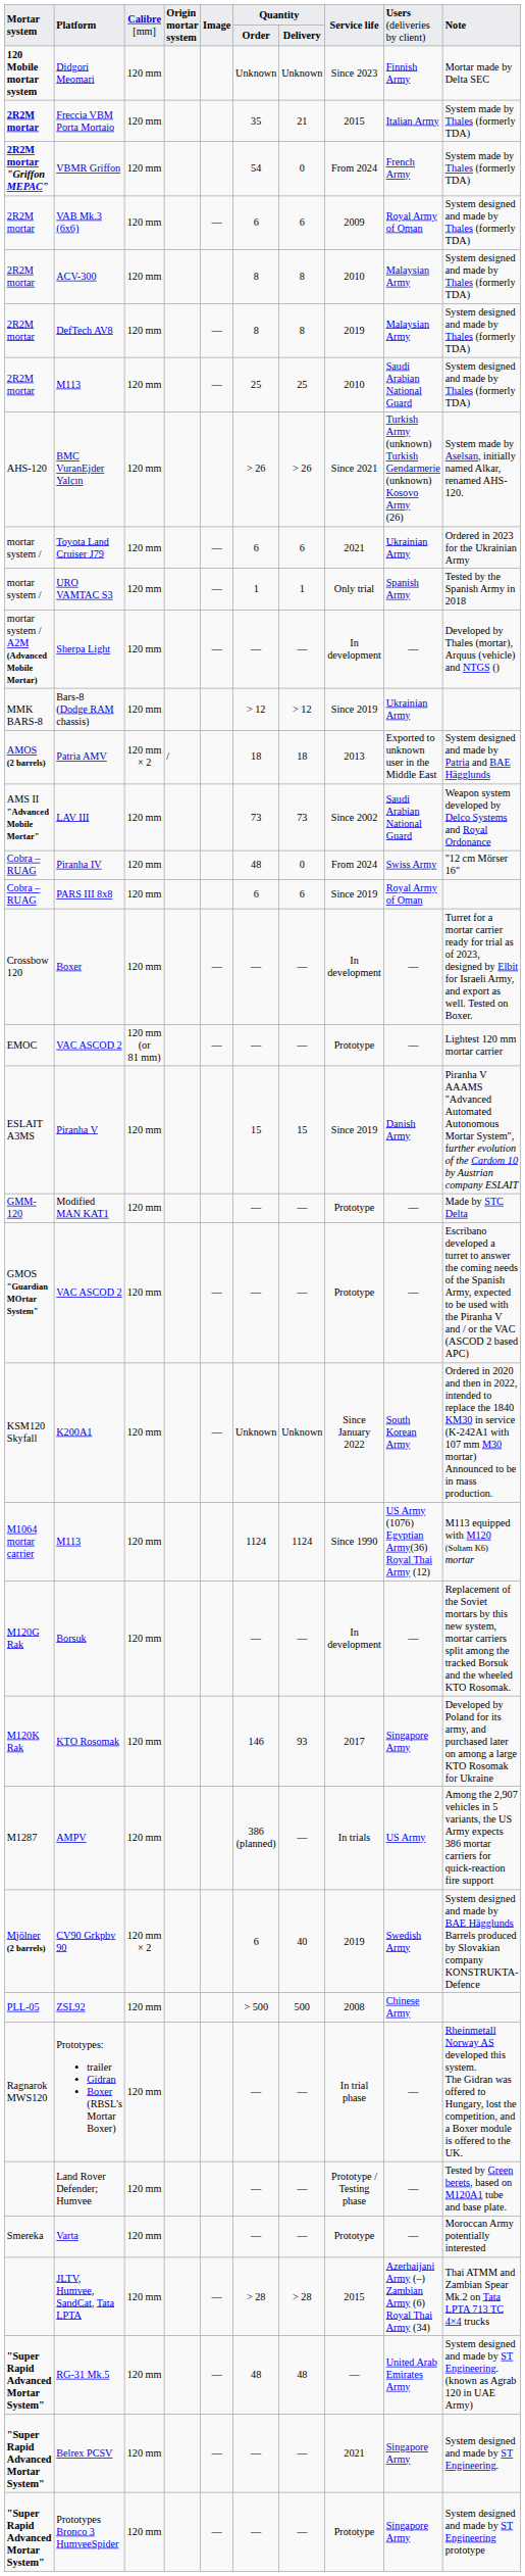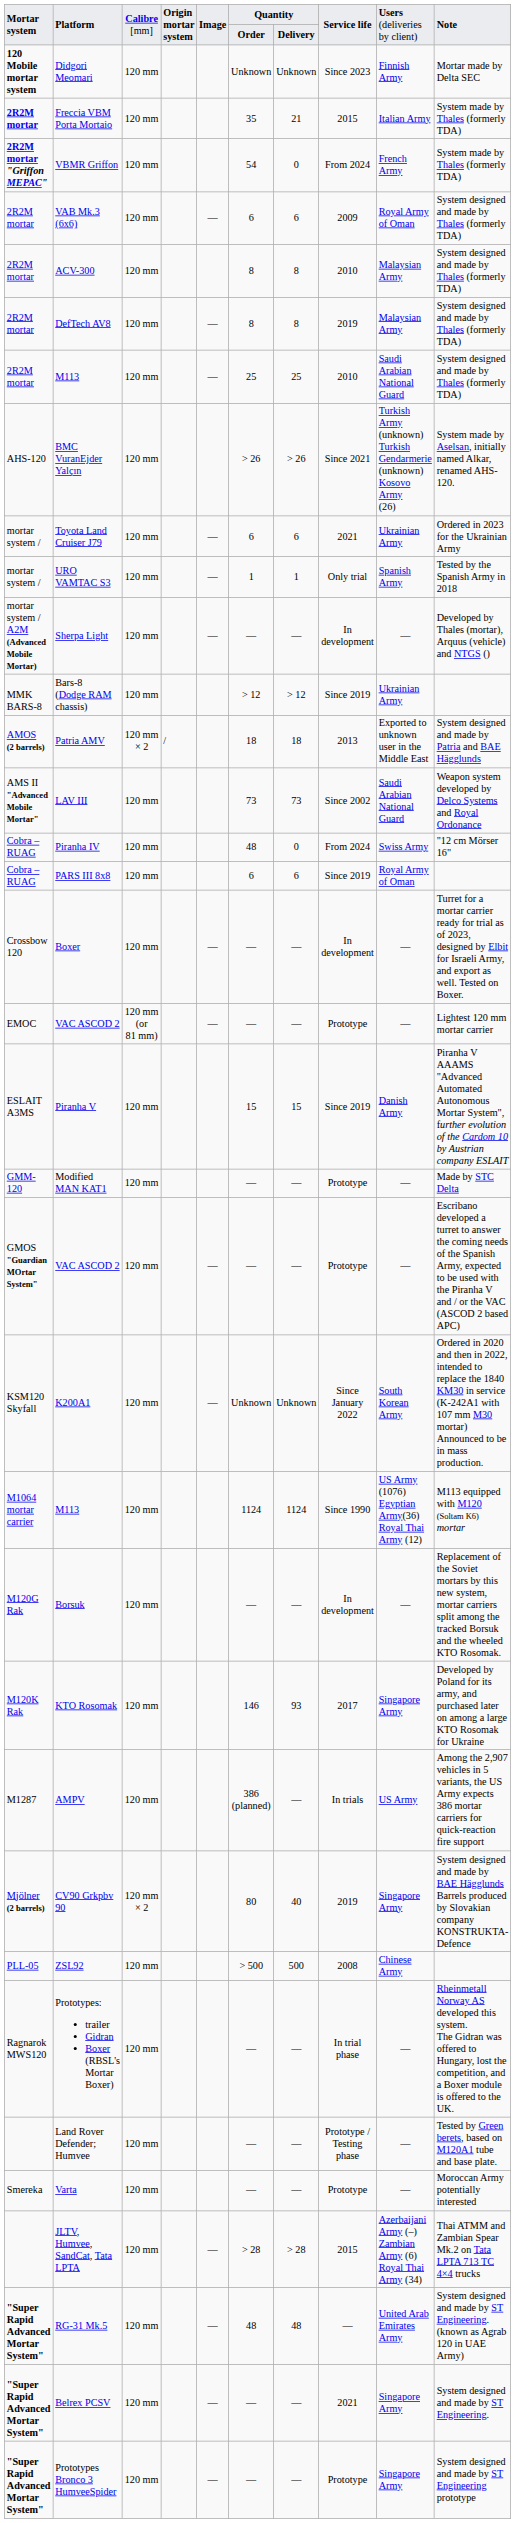 <table class="wikitable sortable" style="font-size:85%;">
 <tr>
 <td rowspan="2" style="width:4em; background:#EAECF0"><strong>Mortar system</strong></td>
 <td rowspan="2" style="width:4em; background:#EAECF0"><strong>Platform</strong></td>
 <td rowspan="2" style="text-align: center;width:4em; background:#EAECF0"><strong><a href='#'>Calibre</a></strong><br>[mm]</td>
 <td rowspan="2" style="width:5em;background:#EAECF0"><strong>Origin mortar system</strong></td>
 <td rowspan="2" style="text-align: center; width:12em;background:#EAECF0"><strong>Image</strong></td>
 <td colspan="2" style="width:6em;text-align: center; background:#EAECF0"><strong>Quantity</strong></td>
 <td rowspan="2" style="text-align: center;width:3em;background:#EAECF0"><strong>Service life</strong></td>
 <td rowspan="2" style="width:8em;background:#EAECF0"><strong>Users </strong>(deliveries by client)</td>
 <td rowspan="2" style="width:12em;background:#EAECF0"><strong>Note</strong></td>
 </tr>
 <tr>
 <td style="text-align: center; width:3em; background:#EAECF0"><strong>Order</strong></td>
 <td style="text-align: center; width:3em; background:#EAECF0"><strong>Delivery</strong></td>
 </tr>
 <tr>
 <td><strong>120 Mobile mortar system</strong></td>
 <td><a href='#'>Didgori Meomari</a></td>
 <td style="text-align: center;">120 mm</td>
 <td></td>
 <td style="text-align: center;"><br></td>
 <td style="text-align: center;">Unknown</td>
 <td style="text-align: center;">Unknown</td>
 <td style="text-align: center;">Since 2023</td>
 <td> <a href='#'>Finnish Army</a></td>
 <td>Mortar made by Delta SEC</td>
 </tr>
 <tr>
 <td><strong><a href='#'>2R2M mortar</a></strong></td>
 <td><a href='#'>Freccia VBM Porta Mortaio</a></td>
 <td style="text-align: center">120 mm</td>
 <td></td>
 <td style="text-align: center;"></td>
 <td style="text-align: center;">35</td>
 <td style="text-align: center;">21</td>
 <td style="text-align: center;">2015</td>
 <td> <a href='#'>Italian Army</a></td>
 <td>System made by <a href='#'>Thales</a> (formerly TDA)</td>
 </tr>
 <tr>
 <td><strong><a href='#'>2R2M mortar</a> <br><strong><em>"Griffon <a href='#'>MEPAC</a>"<em></td>
 <td><a href='#'>VBMR Griffon</a></td>
 <td style="text-align: center">120 mm</td>
 <td></td>
 <td style="text-align: center;"></td>
 <td style="text-align: center;">54</td>
 <td style="text-align: center;">0</td>
 <td style="text-align: center;">From 2024</td>
 <td> <a href='#'>French Army</a></td>
 <td>System made by <a href='#'>Thales</a> (formerly TDA)</td>
 </tr>
 <tr>
 <td></strong><a href='#'>2R2M mortar</a><strong></td>
 <td><a href='#'>VAB Mk.3 (6x6)</a></td>
 <td style="text-align: center">120 mm</td>
 <td></td>
 <td style="text-align: center;">―</td>
 <td style="text-align: center;">6</td>
 <td style="text-align: center;">6</td>
 <td style="text-align: center;">2009</td>
 <td> <a href='#'>Royal Army of Oman</a></td>
 <td>System designed and made by <a href='#'>Thales</a> (formerly TDA)</td>
 </tr>
 <tr>
 <td></strong><a href='#'>2R2M mortar</a><strong></td>
 <td><a href='#'>ACV-300</a></td>
 <td style="text-align: center">120 mm</td>
 <td></td>
 <td style="text-align: center;"></td>
 <td style="text-align: center;">8</td>
 <td style="text-align: center;">8</td>
 <td style="text-align: center;">2010</td>
 <td> <a href='#'>Malaysian Army</a></td>
 <td>System designed and made by <a href='#'>Thales</a> (formerly TDA)</td>
 </tr>
 <tr>
 <td></strong><a href='#'>2R2M mortar</a><strong></td>
 <td><a href='#'>DefTech AV8</a></td>
 <td style="text-align: center">120 mm</td>
 <td></td>
 <td style="text-align: center;">―</td>
 <td style="text-align: center;">8</td>
 <td style="text-align: center;">8</td>
 <td style="text-align: center;">2019</td>
 <td> <a href='#'>Malaysian Army</a></td>
 <td>System designed and made by <a href='#'>Thales</a> (formerly TDA)</td>
 </tr>
 <tr>
 <td></strong><a href='#'>2R2M mortar</a><strong></td>
 <td><a href='#'>M113</a></td>
 <td style="text-align: center">120 mm</td>
 <td></td>
 <td style="text-align: center;">―</td>
 <td style="text-align: center;">25</td>
 <td style="text-align: center;">25</td>
 <td style="text-align: center;">2010</td>
 <td> <a href='#'>Saudi Arabian National Guard</a></td>
 <td>System designed and made by <a href='#'>Thales</a> (formerly TDA)</td>
 </tr>
 <tr>
 <td></strong>AHS-120<strong></td>
 <td><a href='#'>BMC Vuran</a><a href='#'>Ejder Yalçın</a></td>
 <td style="text-align: center">120 mm</td>
 <td></td>
 <td style="text-align: center;"></td>
 <td style="text-align: center;">> 26</td>
 <td style="text-align: center;">> 26</td>
 <td style="text-align: center;">Since 2021</td>
 <td> <a href='#'>Turkish Army</a> <br>(unknown)<br> <a href='#'>Turkish Gendarmerie</a><br>(unknown)<br><a href='#'>Kosovo Army</a><br>(26)</td>
 <td>System made by <a href='#'>Aselsan</a>, initially named Alkar, renamed AHS-120.</td>
 </tr>
 <tr>
 <td> mortar system /</td>
 <td><a href='#'>Toyota Land Cruiser J79</a></td>
 <td style="text-align: center;">120 mm</td>
 <td></td>
 <td style="text-align: center;">―</td>
 <td style="text-align: center;">6</td>
 <td style="text-align: center;">6</td>
 <td style="text-align: center;">2021</td>
 <td> <a href='#'>Ukrainian Army</a></td>
 <td>Ordered in 2023 for the Ukrainian Army</td>
 </tr>
 <tr>
 <td> mortar system /</td>
 <td><a href='#'>URO VAMTAC S3</a></td>
 <td style="text-align: center;">120 mm</td>
 <td></td>
 <td style="text-align: center;">―</td>
 <td style="text-align: center;">1</td>
 <td style="text-align: center;">1</td>
 <td style="text-align: center;">Only trial</td>
 <td> <a href='#'>Spanish Army</a></td>
 <td>Tested by the Spanish Army in 2018</td>
 </tr>
 <tr>
 <td> mortar system /<br></strong><a href='#'>A2M</a><strong><small><br></em>(Advanced Mobile Mortar)<em></small></td>
 <td><a href='#'>Sherpa Light</a></td>
 <td>120 mm</td>
 <td> <small><br></small></td>
 <td style="text-align: center">―</td>
 <td style="text-align: center">―</td>
 <td style="text-align: center">―</td>
 <td style="text-align: center">In development</td>
 <td style="text-align: center">―</td>
 <td>Developed by Thales (mortar), Arquus (vehicle) and <a href='#'>NTGS</a> ()</td>
 </tr>
 <tr>
 <td><br></strong>MMK BARS-8<strong></td>
 <td>Bars-8<br>(<a href='#'>Dodge RAM</a> chassis)</td>
 <td style="text-align: center;">120 mm</td>
 <td></td>
 <td style="text-align: center;"><br></td>
 <td style="text-align: center;">> 12</td>
 <td style="text-align: center;">> 12</td>
 <td style="text-align: center;">Since 2019</td>
 <td> <a href='#'>Ukrainian Army</a></td>
 <td></td>
 </tr>
 <tr>
 <td></strong><a href='#'>AMOS</a><strong><small><br></em>(2 barrels)<em></small></td>
 <td><a href='#'>Patria AMV</a></td>
 <td style="text-align: center">120 mm <br>× 2</td>
 <td>/<br></td>
 <td style="text-align: center;"></td>
 <td style="text-align: center;">18</td>
 <td style="text-align: center;">18</td>
 <td style="text-align: center;">2013</td>
 <td>Exported to unknown user in the Middle East</td>
 <td>System designed and made by <a href='#'>Patria</a> and <a href='#'>BAE Hägglunds</a></td>
 </tr>
 <tr>
 <td></strong>AMS II<small><br></small><strong><small></em>"Advanced Mobile Mortar"<em></small></td>
 <td><a href='#'>LAV III</a></td>
 <td style="text-align: center;">120 mm</td>
 <td></td>
 <td style="text-align: center;"></td>
 <td style="text-align: center;">73</td>
 <td style="text-align: center;">73</td>
 <td style="text-align: center;">Since 2002</td>
 <td> <a href='#'>Saudi Arabian National Guard</a></td>
 <td>Weapon system developed by <a href='#'>Delco Systems</a> and <a href='#'>Royal Ordonance</a></td>
 </tr>
 <tr>
 <td></strong><a href='#'>Cobra – RUAG</a><strong></td>
 <td><a href='#'>Piranha IV</a></td>
 <td style="text-align: center">120 mm</td>
 <td></td>
 <td style="text-align: center;"></td>
 <td style="text-align: center;">48</td>
 <td style="text-align: center;">0</td>
 <td style="text-align: center;">From 2024</td>
 <td> <a href='#'>Swiss Army</a></td>
 <td></em>"12 cm Mörser 16"<em></td>
 </tr>
 <tr>
 <td></strong><a href='#'>Cobra – RUAG</a><strong></td>
 <td><a href='#'>PARS III 8x8</a></td>
 <td style="text-align: center">120 mm</td>
 <td></td>
 <td style="text-align: center;"></td>
 <td style="text-align: center;">6</td>
 <td style="text-align: center;">6</td>
 <td style="text-align: center;">Since 2019</td>
 <td> <a href='#'>Royal Army of Oman</a></td>
 <td></td>
 </tr>
 <tr>
 <td></strong>Crossbow 120<strong></td>
 <td><a href='#'>Boxer</a></td>
 <td style="text-align: center">120 mm</td>
 <td></td>
 <td style="text-align: center">―</td>
 <td style="text-align: center">―</td>
 <td style="text-align: center">―</td>
 <td style="text-align: center">In development</td>
 <td style="text-align: center">―</td>
 <td>Turret for a mortar carrier ready for trial as of 2023, designed by <a href='#'>Elbit</a> for Israeli Army, and export as well. Tested on Boxer.</td>
 </tr>
 <tr>
 <td></strong>EMOC<strong></td>
 <td><a href='#'>VAC ASCOD 2</a></td>
 <td style="text-align: center">120 mm (or 81 mm)</td>
 <td></td>
 <td style="text-align: center">―</td>
 <td style="text-align: center">―</td>
 <td style="text-align: center">―</td>
 <td style="text-align: center">Prototype</td>
 <td style="text-align: center">―</td>
 <td>Lightest 120 mm mortar carrier</td>
 </tr>
 <tr>
 <td></strong>ESLAIT A3MS<strong></td>
 <td><a href='#'>Piranha V</a></td>
 <td style="text-align: center">120 mm</td>
 <td></td>
 <td style="text-align: center;"></td>
 <td style="text-align: center;">15</td>
 <td style="text-align: center;">15</td>
 <td style="text-align: center;">Since 2019</td>
 <td> <a href='#'>Danish Army</a></td>
 <td>Piranha V AAAMS </em>"Advanced Automated Autonomous Mortar System", f<em>urther evolution of the <a href='#'>Cardom 10</a> by Austrian company ESLAIT</td>
 </tr>
 <tr>
 <td></strong><a href='#'>GMM-120</a><strong></td>
 <td>Modified<br><a href='#'>MAN KAT1</a></td>
 <td style="text-align: center;">120 mm</td>
 <td></td>
 <td style="text-align: center;"><br><br></td>
 <td style="text-align: center;">―</td>
 <td style="text-align: center;">―</td>
 <td style="text-align: center;">Prototype</td>
 <td style="text-align: center;">―</td>
 <td>Made by <a href='#'>STC Delta</a></td>
 </tr>
 <tr>
 <td></strong>GMOS <small><br></small><strong><small></em>"Guardian MOrtar System"<em></small></td>
 <td><a href='#'>VAC ASCOD 2</a></td>
 <td style="text-align: center">120 mm</td>
 <td></td>
 <td style="text-align: center">―</td>
 <td style="text-align: center">―</td>
 <td style="text-align: center">―</td>
 <td style="text-align: center">Prototype</td>
 <td style="text-align: center">―</td>
 <td>Escribano developed a turret to answer the coming needs of the Spanish Army, expected to be used with the Piranha V and / or the VAC (ASCOD 2 based APC)</td>
 </tr>
 <tr>
 <td></strong>KSM120 Skyfall<strong></td>
 <td><a href='#'>K200A1</a></td>
 <td style="text-align: center;">120 mm</td>
 <td></td>
 <td style="text-align: center;">—</td>
 <td style="text-align: center;">Unknown</td>
 <td style="text-align: center;">Unknown</td>
 <td style="text-align: center;">Since January 2022</td>
 <td> <a href='#'>South Korean Army</a></td>
 <td>Ordered in 2020 and then in 2022, intended to replace the 1840 <a href='#'>KM30</a> in service (K-242A1 with 107 mm <a href='#'>M30</a> mortar) Announced to be in mass production.</td>
 </tr>
 <tr>
 <td></strong><a href='#'>M1064 mortar carrier</a><strong></td>
 <td><a href='#'>M113</a></td>
 <td style="text-align: center">120 mm</td>
 <td></td>
 <td style="text-align: center;"></td>
 <td style="text-align: center;">1124</td>
 <td style="text-align: center;">1124</td>
 <td style="text-align: center;">Since 1990</td>
 <td> <a href='#'>US Army</a> (1076)<br> <a href='#'>Egyptian Army</a>(36)<br> <a href='#'>Royal Thai Army</a> (12)</td>
 <td>M113 equipped with <a href='#'>M120</a> </em><small>(Soltam K6)</small><em> mortar</td>
 </tr>
 <tr>
 <td><a href='#'></strong>M120G Rak<strong></a></td>
 <td><a href='#'>Borsuk</a></td>
 <td>120 mm</td>
 <td></td>
 <td></td>
 <td style="text-align: center;">―</td>
 <td style="text-align: center;">―</td>
 <td style="text-align: center;">In development</td>
 <td style="text-align: center;">―</td>
 <td>Replacement of the Soviet mortars by this new system, mortar carriers split among the tracked Borsuk and the wheeled KTO Rosomak.</td>
 </tr>
 <tr>
 <td><a href='#'></strong>M120K Rak<strong></a></td>
 <td><a href='#'>KTO Rosomak</a></td>
 <td>120 mm</td>
 <td></td>
 <td></td>
 <td style="text-align: center;">146</td>
 <td style="text-align: center;">93</td>
 <td style="text-align: center;">2017</td>
 <td> <a href='#'>Singapore Army</a></td>
 <td>Developed by Poland for its army, and purchased later on among a large KTO Rosomak for Ukraine</td>
 </tr>
 <tr>
 <td>M1287</td>
 <td><a href='#'>AMPV</a></td>
 <td style="text-align: center;">120 mm</td>
 <td></td>
 <td style="text-align: center;"></td>
 <td style="text-align: center;">386<br>(planned)</td>
 <td style="text-align: center;">―</td>
 <td style="text-align: center;">In trials</td>
 <td> <a href='#'>US Army</a></td>
 <td>Among the 2,907 vehicles in 5 variants, the US Army expects 386 mortar carriers for quick-reaction fire support</td>
 </tr>
 <tr>
 <td></strong><a href='#'>Mjölner</a><strong><br><small></em>(2 barrels)<em></small></td>
 <td><a href='#'>CV90 Grkpbv 90</a></td>
 <td style="text-align: center">120 mm <br>× 2</td>
 <td></td>
 <td style="text-align: center;"></td>
-<td style="text-align: center;">6</td>
+<td style="text-align: center;">80</td>
 <td style="text-align: center;">40</td>
 <td style="text-align: center;">2019</td>
-<td> <a href='#'>Swedish Army</a></td>
+<td> <a href='#'>Singapore Army</a></td>
 <td>System designed and made by <a href='#'>BAE Hägglunds</a><br>Barrels produced by Slovakian company KONSTRUKTA-Defence</td>
 </tr>
 <tr>
 <td></strong><a href='#'>PLL-05</a><strong></td>
 <td><a href='#'>ZSL92</a></td>
 <td style="text-align: center">120 mm</td>
 <td></td>
 <td style="text-align: center;"></td>
 <td style="text-align: center;">> 500</td>
 <td style="text-align: center;">500</td>
 <td style="text-align: center;">2008</td>
 <td> <a href='#'>Chinese Army</a></td>
 <td></td>
 </tr>
 <tr>
 <td></strong>Ragnarok MWS120<strong></td>
 <td>Prototypes:<br><ul><li>trailer</li><li><a href='#'>Gidran</a></li><li><a href='#'>Boxer</a> (RBSL's Mortar Boxer)</li></ul></td>
 <td style="text-align: center;">120 mm</td>
 <td></td>
 <td style="text-align: center;"></td>
 <td style="text-align: center;">―</td>
 <td style="text-align: center;">―</td>
 <td style="text-align: center;">In trial phase</td>
 <td style="text-align: center;">―</td>
 <td><a href='#'>Rheinmetall Norway AS</a> developed this system.<br>The Gidran was offered to Hungary, lost the competition, and a Boxer module is offered to the UK.</td>
 </tr>
 <tr>
 <td></td>
 <td>Land Rover Defender;<br>Humvee</td>
 <td style="text-align: center">120 mm</td>
 <td></td>
 <td style="text-align: center;"></td>
 <td style="text-align: center;">―</td>
 <td style="text-align: center;">―</td>
 <td style="text-align: center;">Prototype / Testing phase</td>
 <td style="text-align: center;">―</td>
 <td>Tested by <a href='#'>Green berets</a>, based on <a href='#'>M120A1</a> tube and base plate.</td>
 </tr>
 <tr>
 <td></strong>Smereka<strong></td>
 <td><a href='#'>Varta</a></td>
 <td style="text-align: center;">120 mm</td>
 <td></td>
 <td style="text-align: center;"></td>
 <td style="text-align: center;">―</td>
 <td style="text-align: center;">―</td>
 <td style="text-align: center;">Prototype</td>
 <td style="text-align: center;">―</td>
 <td>Moroccan Army potentially interested</td>
 </tr>
 <tr>
 <td><br></strong><strong></td>
 <td><a href='#'>JLTV</a>,<br><a href='#'>Humvee</a>,  <a href='#'>SandCat</a>, <a href='#'>Tata LPTA</a></td>
 <td style="text-align: center">120 mm</td>
 <td></td>
 <td style="text-align: center;">―</td>
 <td style="text-align: center;">> 28</td>
 <td style="text-align: center;">> 28</td>
 <td style="text-align: center;">2015</td>
 <td> <a href='#'>Azerbaijani Army</a> (–)<br> <a href='#'>Zambian Army</a> (6)<br> <a href='#'>Royal Thai Army</a> (34)</td>
 <td>Thai ATMM and Zambian Spear Mk.2 on <a href='#'>Tata LPTA 713 TC 4×4</a> trucks</td>
 </tr>
 <tr>
 <td></strong><strong><br></em>"Super Rapid Advanced Mortar System"<em></td>
 <td><a href='#'>RG-31 Mk.5</a></td>
 <td style="text-align: center">120 mm</td>
 <td></td>
 <td style="text-align: center;">―</td>
 <td style="text-align: center;">48</td>
 <td style="text-align: center;">48</td>
 <td style="text-align: center;">―</td>
 <td> <a href='#'>United Arab Emirates Army</a></td>
 <td>System designed and made by <a href='#'>ST Engineering</a>.<br>(known as Agrab 120 in UAE Army)</td>
 </tr>
 <tr>
 <td></strong><strong><br></em>"Super Rapid Advanced Mortar System"<em></td>
 <td><a href='#'>Belrex PCSV</a></td>
 <td style="text-align: center">120 mm</td>
 <td></td>
 <td style="text-align: center;">―</td>
 <td style="text-align: center;">―</td>
 <td style="text-align: center;">―</td>
 <td style="text-align: center;">2021</td>
 <td> <a href='#'>Singapore Army</a></td>
 <td>System designed and made by <a href='#'>ST Engineering</a>.</td>
 </tr>
 <tr>
 <td></strong><strong><br></em>"Super Rapid Advanced Mortar System"<em></td>
 <td>Prototypes<br><a href='#'>Bronco 3</a> <a href='#'>Humvee</a><a href='#'>Spider</a></td>
 <td style="text-align: center">120 mm</td>
 <td></td>
 <td style="text-align: center;">―</td>
 <td style="text-align: center;">―</td>
 <td style="text-align: center;">―</td>
 <td style="text-align: center;">Prototype</td>
 <td> <a href='#'>Singapore Army</a></td>
 <td>System designed and made by <a href='#'>ST Engineering</a> prototype</td>
 </tr>
 </table>
